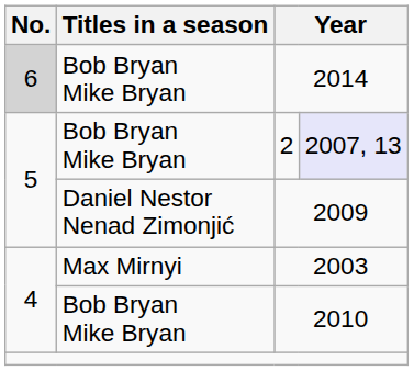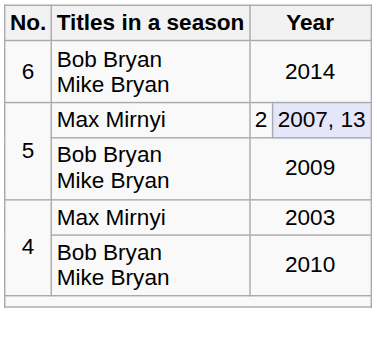 <table class="wikitable nowrap" style="text-align:center; display:inline-table">
 <tr>
 <th scope="col" style="width:20">No.</th>
 <th scope="col">Titles in a season</th>
 <th colspan="2">Year</th>
 </tr>
 <tr>
-<td style="background: lightgrey;">6</td>
+<td>6</td>
 <td style="text-align: left;"> Bob Bryan<br> Mike Bryan</td>
 <td colspan="2">2014</td>
 </tr>
 <tr>
 <td rowspan=2>5</td>
-<td style="text-align: left;"> Bob Bryan<br> Mike Bryan</td>
+<td style="text-align: left;"> Max Mirnyi</td>
 <td>2</td>
 <td style="background: lavender;">2007, 13</td>
 </tr>
 <tr>
-<td style="text-align: left;"> Daniel Nestor<br> Nenad Zimonjić</td>
+<td style="text-align: left;"> Bob Bryan<br> Mike Bryan</td>
 <td colspan="2">2009</td>
 </tr>
 <tr>
 <td rowspan="2">4</td>
 <td style="text-align: left;"> Max Mirnyi</td>
 <td colspan="2">2003</td>
 </tr>
 <tr>
 <td style="text-align: left;"> Bob Bryan<br> Mike Bryan</td>
 <td colspan="2">2010</td>
 </tr>
 <tr>
 <td colspan="4"></td>
 </tr>
 </table>
